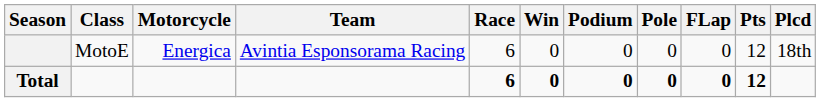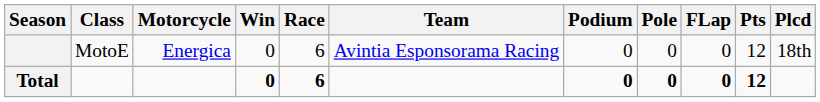 <table class="wikitable" style=text-align:right>
 <tr>
 <th>Season</th>
 <th>Class</th>
 <th>Motorcycle</th>
+<th>Win</th>
+<th>Race</th>
 <th>Team</th>
-<th>Race</th>
-<th>Win</th>
 <th>Podium</th>
 <th>Pole</th>
 <th>FLap</th>
 <th>Pts</th>
 <th>Plcd</th>
 </tr>
 <tr align="right">
 <th></th>
 <td>MotoE</td>
 <td><a href='#'>Energica</a></td>
+<td>0</td>
+<td>6</td>
 <td><a href='#'>Avintia Esponsorama Racing</a></td>
-<td>6</td>
-<td>0</td>
 <td>0</td>
 <td>0</td>
 <td>0</td>
 <td>12</td>
 <td>18th</td>
 </tr>
 <tr>
 <th>Total</th>
 <td></td>
 <td></td>
+<td><strong>0</strong></td>
+<td><strong>6</strong></td>
 <td></td>
-<td><strong>6</strong></td>
-<td><strong>0</strong></td>
 <td><strong>0</strong></td>
 <td><strong>0</strong></td>
 <td><strong>0</strong></td>
 <td><strong>12</strong></td>
 <td></td>
 </tr>
 </table>
